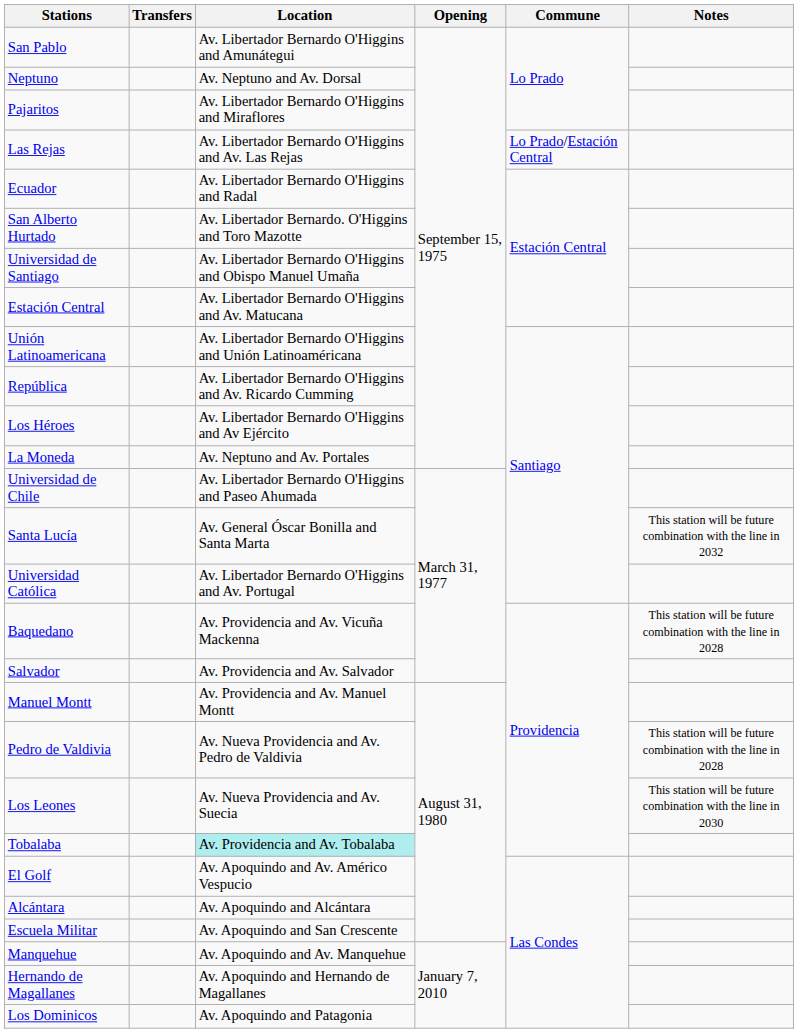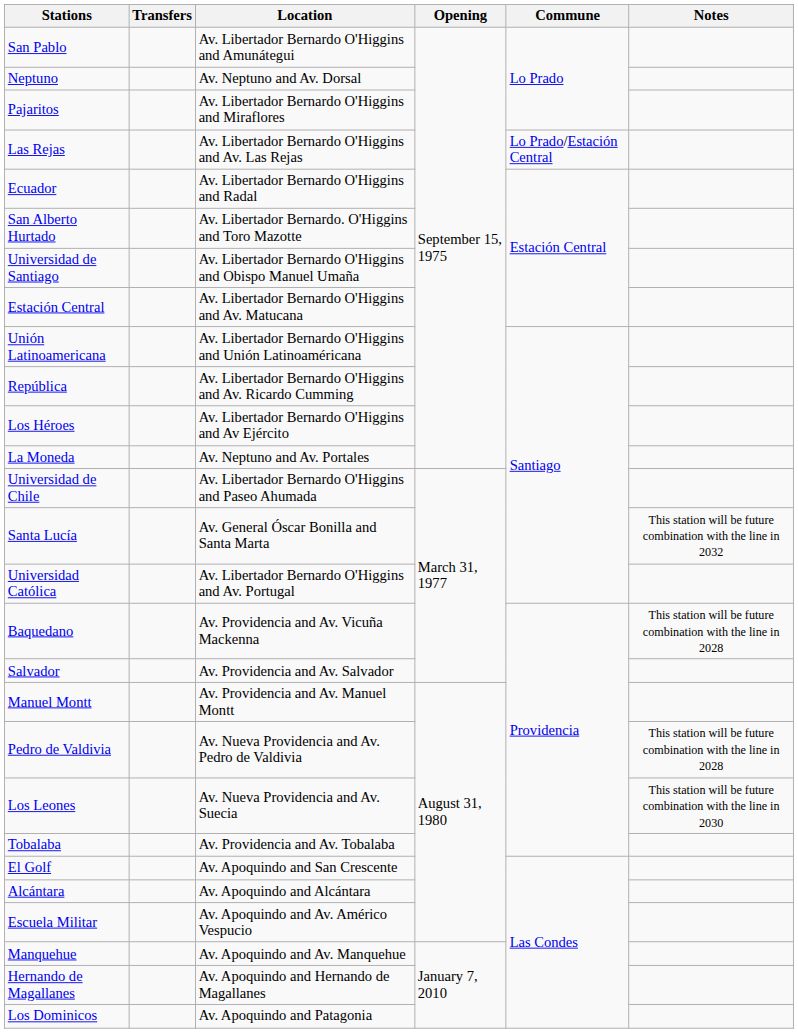 <table class=wikitable>
 <tr>
 <th>Stations</th>
 <th>Transfers</th>
 <th>Location</th>
 <th>Opening</th>
 <th>Commune</th>
 <th>Notes</th>
 </tr>
 <tr>
 <td><a href='#'>San Pablo</a></td>
 <td align=center></td>
 <td>Av. Libertador Bernardo O'Higgins and Amunátegui</td>
 <td rowspan="12">September 15, 1975</td>
 <td rowspan="3"><a href='#'>Lo Prado</a></td>
 <td></td>
 </tr>
 <tr>
 <td><a href='#'>Neptuno</a></td>
 <td></td>
 <td>Av. Neptuno and Av. Dorsal</td>
 <td></td>
 </tr>
 <tr>
 <td><a href='#'>Pajaritos</a></td>
 <td align=center></td>
 <td>Av. Libertador Bernardo O'Higgins and Miraflores</td>
 <td></td>
 </tr>
 <tr>
 <td><a href='#'>Las Rejas</a></td>
 <td></td>
 <td>Av. Libertador Bernardo O'Higgins and Av. Las Rejas</td>
 <td><a href='#'>Lo Prado</a>/<a href='#'>Estación Central</a></td>
 <td></td>
 </tr>
 <tr>
 <td><a href='#'>Ecuador</a></td>
 <td></td>
 <td>Av. Libertador Bernardo O'Higgins and Radal</td>
 <td rowspan="4"><a href='#'>Estación Central</a></td>
 <td></td>
 </tr>
 <tr>
 <td><a href='#'>San Alberto Hurtado</a></td>
 <td></td>
 <td>Av. Libertador Bernardo. O'Higgins and Toro Mazotte</td>
 <td></td>
 </tr>
 <tr>
 <td><a href='#'>Universidad de Santiago</a></td>
 <td align=center></td>
 <td>Av. Libertador Bernardo O'Higgins and Obispo Manuel Umaña</td>
 <td></td>
 </tr>
 <tr>
 <td><a href='#'>Estación Central</a></td>
 <td align=center><br></td>
 <td>Av. Libertador Bernardo O'Higgins and Av. Matucana</td>
 <td></td>
 </tr>
 <tr>
 <td><a href='#'>Unión Latinoamericana</a></td>
 <td></td>
 <td>Av. Libertador Bernardo O'Higgins and Unión Latinoaméricana</td>
 <td rowspan="7"><a href='#'>Santiago</a></td>
 <td></td>
 </tr>
 <tr>
 <td><a href='#'>República</a></td>
 <td></td>
 <td>Av. Libertador Bernardo O'Higgins and Av. Ricardo Cumming</td>
 <td></td>
 </tr>
 <tr>
 <td><a href='#'>Los Héroes</a></td>
 <td align=center></td>
 <td>Av. Libertador Bernardo O'Higgins and Av Ejército</td>
 <td></td>
 </tr>
 <tr>
 <td><a href='#'>La Moneda</a></td>
 <td></td>
 <td>Av. Neptuno and Av. Portales</td>
 <td></td>
 </tr>
 <tr>
 <td><a href='#'>Universidad de Chile</a></td>
 <td align=center></td>
 <td>Av. Libertador Bernardo O'Higgins and Paseo Ahumada</td>
 <td rowspan="5">March 31, 1977</td>
 <td></td>
 </tr>
 <tr>
 <td><a href='#'>Santa Lucía</a></td>
 <td></td>
 <td>Av. General Óscar Bonilla and Santa Marta</td>
 <td align=center><small>This station will be future combination with the line  in 2032</small></td>
 </tr>
 <tr>
 <td><a href='#'>Universidad Católica</a></td>
 <td></td>
 <td>Av. Libertador Bernardo O'Higgins and Av. Portugal</td>
 <td></td>
 </tr>
 <tr>
 <td><a href='#'>Baquedano</a></td>
 <td align=center></td>
 <td>Av. Providencia and Av. Vicuña Mackenna</td>
 <td rowspan="6"><a href='#'>Providencia</a></td>
 <td align=center><small>This station will be future combination with the line  in 2028</small></td>
 </tr>
 <tr>
 <td><a href='#'>Salvador</a></td>
 <td></td>
 <td>Av. Providencia and Av. Salvador</td>
 <td></td>
 </tr>
 <tr>
 <td><a href='#'>Manuel Montt</a></td>
 <td></td>
 <td>Av. Providencia and Av. Manuel Montt</td>
 <td rowspan="7">August 31, 1980</td>
 <td></td>
 </tr>
 <tr>
 <td><a href='#'>Pedro de Valdivia</a></td>
 <td></td>
 <td>Av. Nueva Providencia and Av. Pedro de Valdivia</td>
 <td align=center><small>This station will be future combination with the line  in 2028</small></td>
 </tr>
 <tr>
 <td><a href='#'>Los Leones</a></td>
 <td align=center></td>
 <td>Av. Nueva Providencia and Av. Suecia</td>
 <td align=center><small>This station will be future combination with the line  in 2030</small></td>
 </tr>
 <tr>
 <td><a href='#'>Tobalaba</a></td>
 <td align=center></td>
-<td style="background: paleturquoise;">Av. Providencia and Av. Tobalaba</td>
+<td>Av. Providencia and Av. Tobalaba</td>
 <td></td>
 </tr>
 <tr>
 <td><a href='#'>El Golf</a></td>
 <td></td>
-<td>Av. Apoquindo and Av. Américo Vespucio</td>
+<td>Av. Apoquindo and San Crescente</td>
 <td rowspan="6"><a href='#'>Las Condes</a></td>
 <td></td>
 </tr>
 <tr>
 <td><a href='#'>Alcántara</a></td>
 <td></td>
 <td>Av. Apoquindo and Alcántara</td>
 <td></td>
 </tr>
 <tr>
 <td><a href='#'>Escuela Militar</a></td>
 <td></td>
-<td>Av. Apoquindo and San Crescente</td>
+<td>Av. Apoquindo and Av. Américo Vespucio</td>
 <td></td>
 </tr>
 <tr>
 <td><a href='#'>Manquehue</a></td>
 <td></td>
 <td>Av. Apoquindo and Av. Manquehue</td>
 <td rowspan="3">January 7, 2010</td>
 <td></td>
 </tr>
 <tr>
 <td><a href='#'>Hernando de Magallanes</a></td>
 <td></td>
 <td>Av. Apoquindo and Hernando de Magallanes</td>
 <td></td>
 </tr>
 <tr>
 <td><a href='#'>Los Dominicos</a></td>
 <td></td>
 <td>Av. Apoquindo and Patagonia</td>
 <td></td>
 </tr>
 </table>
